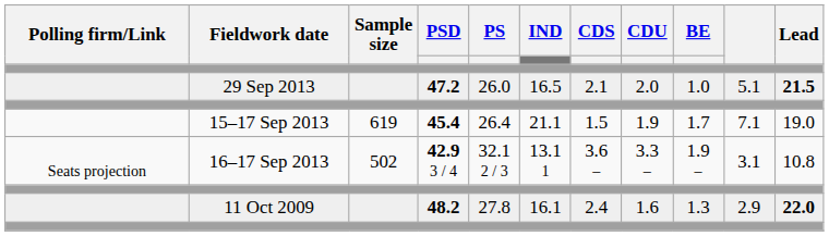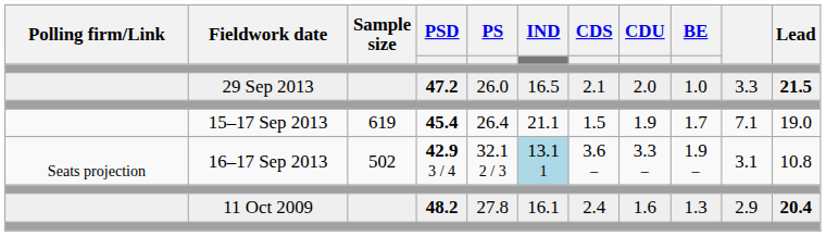 <table class="wikitable collapsible sortable" style="text-align:center; font-size:95%; line-height:16px;">
 <tr style="height:42px;">
 <th style="width:145px;" rowspan="2">Polling firm/Link</th>
 <th style="width:125px;" rowspan="2">Fieldwork date</th>
 <th class="unsortable" style="width:50px;" rowspan="2">Sample size</th>
 <th class="unsortable" style="width:35px;"><a href='#'>PSD</a></th>
 <th class="unsortable" style="width:35px;"><a href='#'>PS</a></th>
 <th class="unsortable" style="width:35px;"><a href='#'>IND</a></th>
 <th class="unsortable" style="width:35px;"><a href='#'>CDS</a></th>
 <th class="unsortable" style="width:35px;"><a href='#'>CDU</a></th>
 <th class="unsortable" style="width:35px;"><a href='#'>BE</a></th>
 <th class="unsortable" style="width:35px;" rowspan="2"></th>
 <th class="unsortable" style="width:30px;" rowspan="2">Lead</th>
 </tr>
 <tr>
 <th class="unsortable" style="color:inherit;background:"></th>
 <th class="unsortable" style="color:inherit;background:"></th>
 <th class="unsortable" style="color:inherit;background:#777777;"></th>
 <th class="unsortable" style="color:inherit;background:"></th>
 <th class="unsortable" style="color:inherit;background:"></th>
 <th class="unsortable" style="color:inherit;background:"></th>
 </tr>
 <tr>
 <td colspan="13" style="background:#A0A0A0"></td>
 </tr>
 <tr style="background:#EFEFEF;">
 <td><strong></strong></td>
 <td data-sort-value="2019-10-06">29 Sep 2013</td>
 <td></td>
 <td><strong>47.2</strong><br></td>
 <td>26.0<br></td>
 <td>16.5<br></td>
 <td>2.1<br></td>
 <td>2.0<br></td>
 <td>1.0<br></td>
-<td>5.1</td>
+<td>3.3</td>
 <td style="background:"><strong>21.5</strong></td>
 </tr>
 <tr>
 <td colspan="13" style="background:#A0A0A0"></td>
 </tr>
 <tr>
 <td align="center"></td>
 <td align="center">15–17 Sep 2013</td>
 <td>619</td>
 <td align="center" ><strong>45.4</strong></td>
 <td align="center">26.4</td>
 <td align="center">21.1</td>
 <td align="center">1.5</td>
 <td align="center">1.9</td>
 <td align="center">1.7</td>
 <td align="center">7.1</td>
 <td style="background:">19.0</td>
 </tr>
 <tr>
 <td align="center"><br><small>Seats projection</small></td>
 <td align="center">16–17 Sep 2013</td>
 <td>502</td>
 <td align="center" ><strong>42.9</strong><br><small>3 / 4</small></td>
 <td align="center">32.1<br><small>2 / 3 </small></td>
-<td align="center">13.1<br><small> 1 </small></td>
+<td align="center" style="background: lightblue;">13.1<br><small> 1 </small></td>
 <td align="center">3.6<br><small> – </small></td>
 <td align="center">3.3<br><small> – </small></td>
 <td align="center">1.9<br><small> – </small></td>
 <td align="center">3.1</td>
 <td style="background:">10.8</td>
 </tr>
 <tr>
 <td colspan="13" style="background:#A0A0A0"></td>
 </tr>
 <tr style="background:#EFEFEF;">
 <td><strong></strong></td>
 <td data-sort-value="2019-10-06">11 Oct 2009</td>
 <td></td>
 <td><strong>48.2</strong><br></td>
 <td>27.8<br></td>
 <td>16.1<br></td>
 <td>2.4<br></td>
 <td>1.6<br></td>
 <td>1.3<br></td>
 <td>2.9</td>
-<td style="background:"><strong>22.0</strong></td>
+<td style="background:"><strong>20.4</strong></td>
 </tr>
 <tr>
 <td colspan="13" style="background:#A0A0A0"></td>
 </tr>
 <tr>
 </tr>
 </table>
